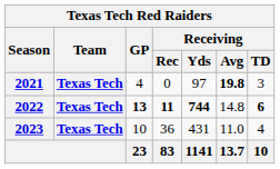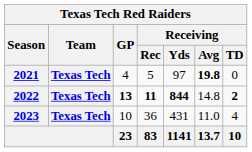 <table class="wikitable" style="text-align:center;">
 <tr>
 <th colspan="7">Texas Tech Red Raiders</th>
 </tr>
 <tr>
 <th rowspan="2">Season</th>
 <th rowspan="2">Team</th>
 <th rowspan="2">GP</th>
 <th colspan="4">Receiving</th>
 </tr>
 <tr>
 <th>Rec</th>
 <th>Yds</th>
 <th>Avg</th>
 <th>TD</th>
 </tr>
 <tr>
 <th><a href='#'>2021</a></th>
 <th><a href='#'>Texas Tech</a></th>
 <td>4</td>
-<td>0</td>
+<td>5</td>
 <td>97</td>
 <td><strong>19.8</strong></td>
-<td>3</td>
+<td>0</td>
 </tr>
 <tr>
 <th><a href='#'>2022</a></th>
 <th><a href='#'>Texas Tech</a></th>
 <td><strong>13</strong></td>
 <td><strong>11</strong></td>
-<td><strong>744</strong></td>
+<td><strong>844</strong></td>
 <td>14.8</td>
-<td><strong>6</strong></td>
+<td><strong>2</strong></td>
 </tr>
 <tr>
 <th><a href='#'>2023</a></th>
 <th><a href='#'>Texas Tech</a></th>
 <td>10</td>
 <td>36</td>
 <td>431</td>
 <td>11.0</td>
 <td>4</td>
 </tr>
 <tr>
 <th colspan="2"></th>
 <th>23</th>
 <th>83</th>
 <th>1141</th>
 <th>13.7</th>
 <th>10</th>
 </tr>
 </table>
